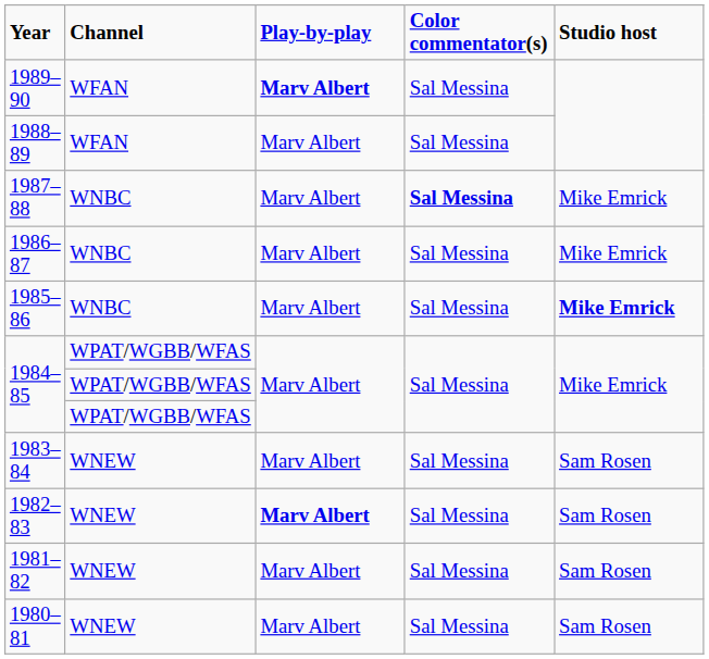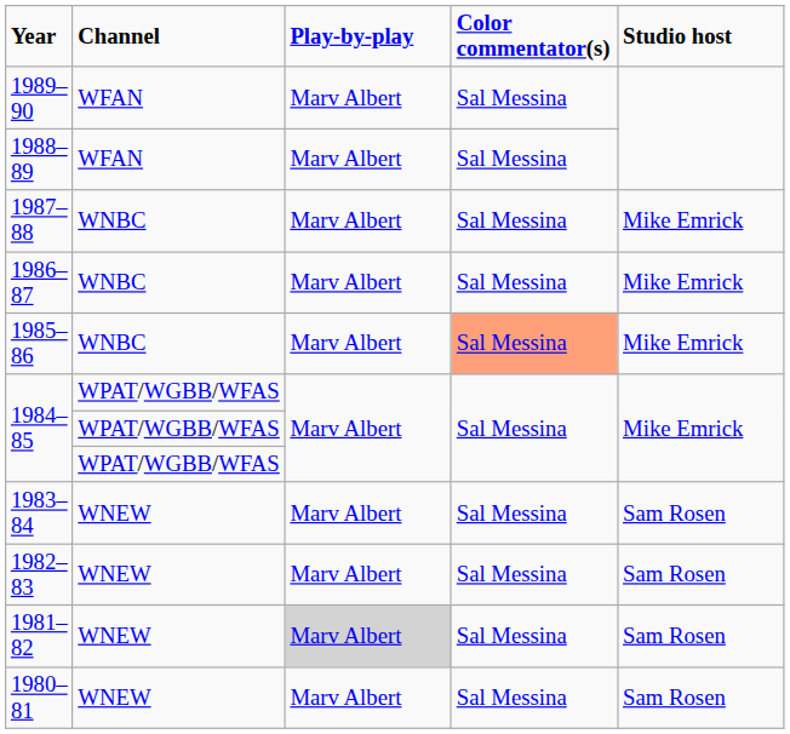 <table class="wikitable">
 <tr>
 <td width="40"><strong>Year</strong></td>
 <td width="40"><strong>Channel</strong></td>
 <td width="110"><strong><a href='#'>Play-by-play</a></strong></td>
 <td width="110"><strong><a href='#'>Color commentator</a>(s)</strong></td>
 <td width="110"><strong>Studio host</strong></td>
 </tr>
 <tr>
 <td><a href='#'>1989–90</a></td>
 <td><a href='#'>WFAN</a></td>
-<td><strong><a href='#'>Marv Albert</a></strong></td>
+<td><a href='#'>Marv Albert</a></td>
 <td><a href='#'>Sal Messina</a></td>
 </tr>
 <tr>
 <td><a href='#'>1988–89</a></td>
 <td><a href='#'>WFAN</a></td>
 <td><a href='#'>Marv Albert</a></td>
 <td><a href='#'>Sal Messina</a></td>
 </tr>
 <tr>
 <td><a href='#'>1987–88</a></td>
 <td><a href='#'>WNBC</a></td>
 <td><a href='#'>Marv Albert</a></td>
-<td><strong><a href='#'>Sal Messina</a></strong></td>
+<td><a href='#'>Sal Messina</a></td>
 <td><a href='#'>Mike Emrick</a></td>
 </tr>
 <tr>
 <td><a href='#'>1986–87</a></td>
 <td><a href='#'>WNBC</a></td>
 <td><a href='#'>Marv Albert</a></td>
 <td><a href='#'>Sal Messina</a></td>
 <td><a href='#'>Mike Emrick</a></td>
 </tr>
 <tr>
 <td><a href='#'>1985–86</a></td>
 <td><a href='#'>WNBC</a></td>
 <td><a href='#'>Marv Albert</a></td>
-<td><a href='#'>Sal Messina</a></td>
-<td><strong><a href='#'>Mike Emrick</a></strong></td>
+<td style="background: lightsalmon;"><a href='#'>Sal Messina</a></td>
+<td><a href='#'>Mike Emrick</a></td>
 </tr>
 <tr>
 <td rowspan="3"><a href='#'>1984–85</a></td>
 <td><a href='#'>WPAT</a>/<a href='#'>WGBB</a>/<a href='#'>WFAS</a></td>
 <td rowspan="3"><a href='#'>Marv Albert</a></td>
 <td rowspan="3"><a href='#'>Sal Messina</a></td>
 <td rowspan="3"><a href='#'>Mike Emrick</a></td>
 </tr>
 <tr>
 <td><a href='#'>WPAT</a>/<a href='#'>WGBB</a>/<a href='#'>WFAS</a></td>
 </tr>
 <tr>
 <td><a href='#'>WPAT</a>/<a href='#'>WGBB</a>/<a href='#'>WFAS</a></td>
 </tr>
 <tr>
 <td><a href='#'>1983–84</a></td>
 <td><a href='#'>WNEW</a></td>
 <td><a href='#'>Marv Albert</a></td>
 <td><a href='#'>Sal Messina</a></td>
 <td><a href='#'>Sam Rosen</a></td>
 </tr>
 <tr>
 <td><a href='#'>1982–83</a></td>
 <td><a href='#'>WNEW</a></td>
-<td><strong><a href='#'>Marv Albert</a></strong></td>
+<td><a href='#'>Marv Albert</a></td>
 <td><a href='#'>Sal Messina</a></td>
 <td><a href='#'>Sam Rosen</a></td>
 </tr>
 <tr>
 <td><a href='#'>1981–82</a></td>
 <td><a href='#'>WNEW</a></td>
-<td><a href='#'>Marv Albert</a></td>
+<td style="background: lightgrey;"><a href='#'>Marv Albert</a></td>
 <td><a href='#'>Sal Messina</a></td>
 <td><a href='#'>Sam Rosen</a></td>
 </tr>
 <tr>
 <td><a href='#'>1980–81</a></td>
 <td><a href='#'>WNEW</a></td>
 <td><a href='#'>Marv Albert</a></td>
 <td><a href='#'>Sal Messina</a></td>
 <td><a href='#'>Sam Rosen</a></td>
 </tr>
 </table>
